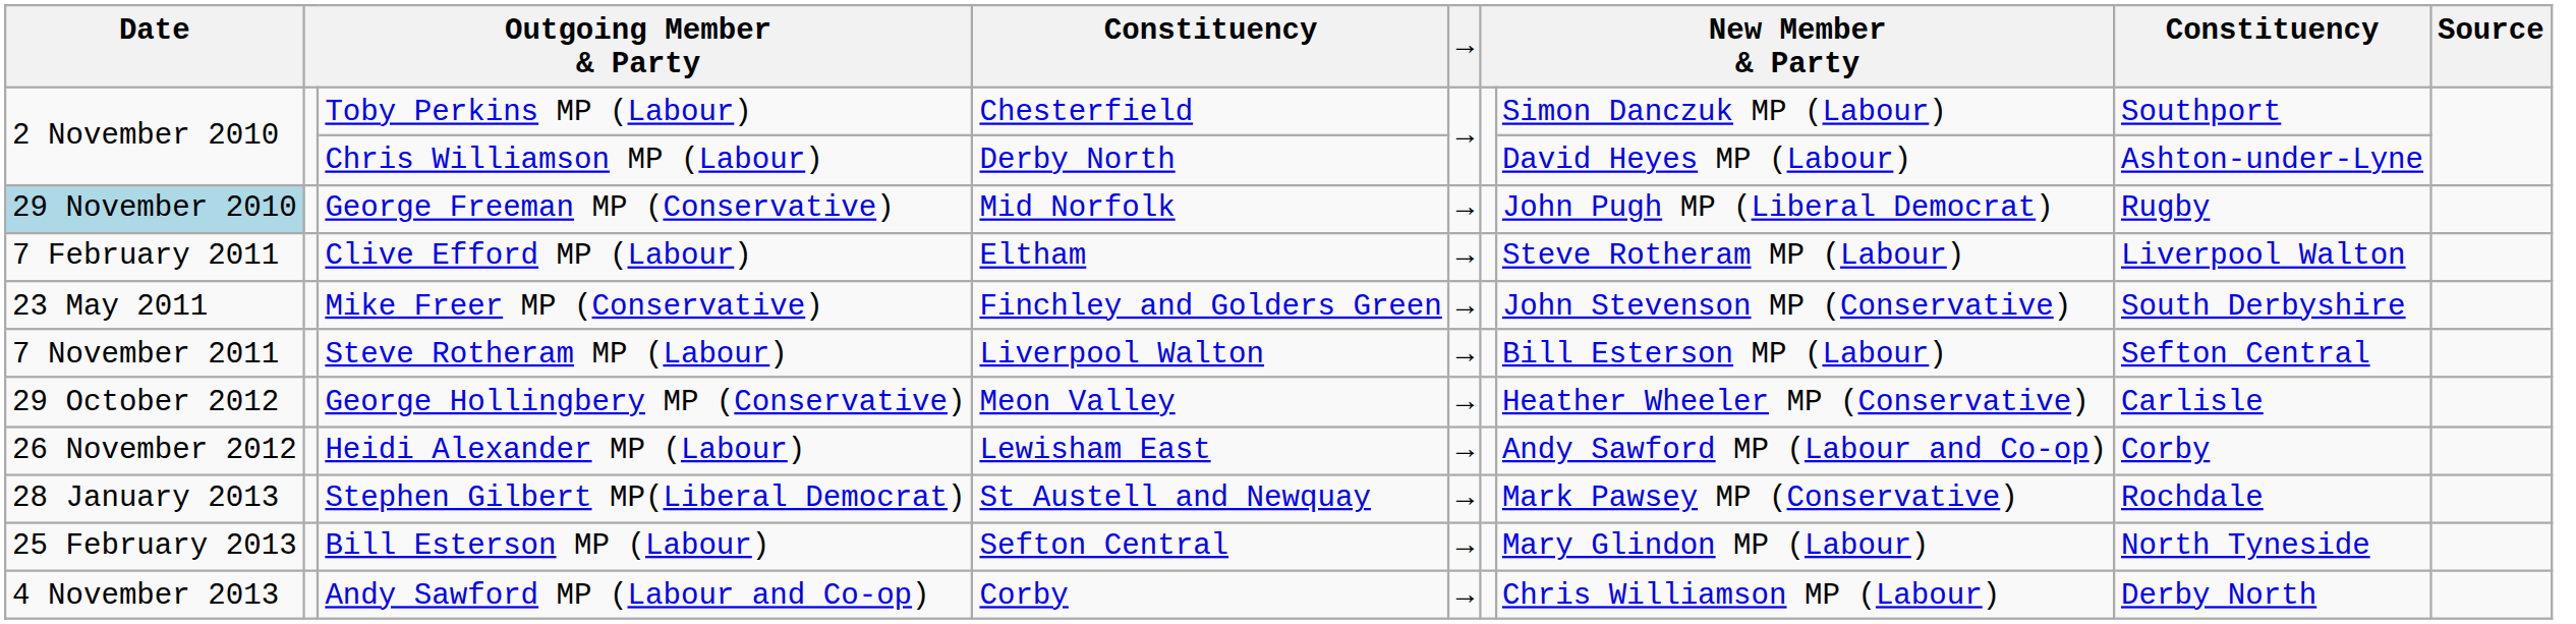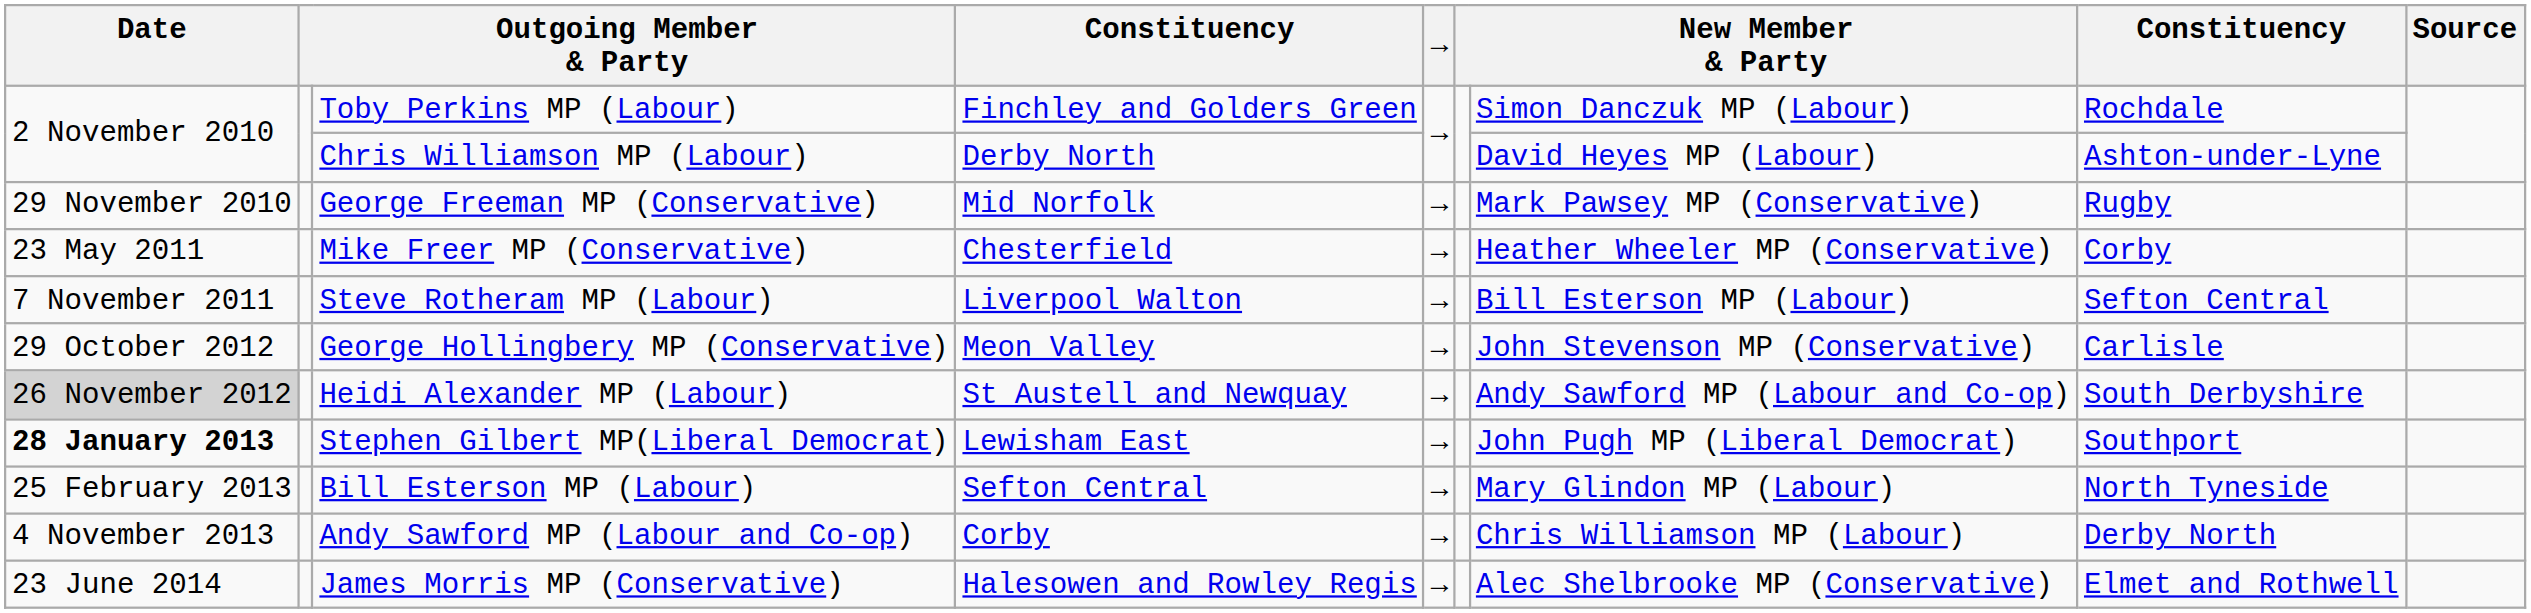 <table class="wikitable">
 <tr>
 <th valign="top">Date</th>
 <th colspan="2" valign="top">Outgoing Member<br>& Party</th>
 <th valign="top">Constituency</th>
 <th>→</th>
 <th colspan="2" valign="top">New Member<br>& Party</th>
 <th valign="top">Constituency</th>
 <th valign="top">Source</th>
 </tr>
 <tr>
 <td rowspan=2>2 November 2010</td>
 <td rowspan=2 style="color:inherit;background:"></td>
 <td><a href='#'>Toby Perkins</a> MP (<a href='#'>Labour</a>)</td>
-<td><a href='#'>Chesterfield</a></td>
+<td><a href='#'>Finchley and Golders Green</a></td>
 <td rowspan=2>→</td>
 <td rowspan=2 style="color:inherit;background:"></td>
 <td><a href='#'>Simon Danczuk</a> MP (<a href='#'>Labour</a>)</td>
-<td><a href='#'>Southport</a></td>
+<td><a href='#'>Rochdale</a></td>
 <td rowspan=2></td>
 </tr>
 <tr>
 <td><a href='#'>Chris Williamson</a> MP (<a href='#'>Labour</a>)</td>
 <td><a href='#'>Derby North</a></td>
 <td><a href='#'>David Heyes</a> MP (<a href='#'>Labour</a>)</td>
 <td><a href='#'>Ashton-under-Lyne</a></td>
 </tr>
 <tr>
-<td style="background: lightblue;">29 November 2010</td>
+<td>29 November 2010</td>
 <td style="color:inherit;background:"></td>
 <td><a href='#'>George Freeman</a> MP (<a href='#'>Conservative</a>)</td>
 <td><a href='#'>Mid Norfolk</a></td>
 <td>→</td>
 <td style="color:inherit;background:"></td>
-<td><a href='#'>John Pugh</a> MP (<a href='#'>Liberal Democrat</a>)</td>
+<td><a href='#'>Mark Pawsey</a> MP (<a href='#'>Conservative</a>)</td>
 <td><a href='#'>Rugby</a></td>
-<td></td>
-</tr>
-<tr>
-<td>7 February 2011</td>
-<td style="color:inherit;background:"></td>
-<td><a href='#'>Clive Efford</a> MP (<a href='#'>Labour</a>)</td>
-<td><a href='#'>Eltham</a></td>
-<td>→</td>
-<td style="color:inherit;background:"></td>
-<td><a href='#'>Steve Rotheram</a> MP (<a href='#'>Labour</a>)</td>
-<td><a href='#'>Liverpool Walton</a></td>
 <td></td>
 </tr>
 <tr>
 <td>23 May 2011</td>
 <td style="color:inherit;background:"></td>
 <td><a href='#'>Mike Freer</a> MP (<a href='#'>Conservative</a>)</td>
-<td><a href='#'>Finchley and Golders Green</a></td>
+<td><a href='#'>Chesterfield</a></td>
 <td>→</td>
 <td style="color:inherit;background:"></td>
-<td><a href='#'>John Stevenson</a> MP (<a href='#'>Conservative</a>)</td>
-<td><a href='#'>South Derbyshire</a></td>
+<td><a href='#'>Heather Wheeler</a> MP (<a href='#'>Conservative</a>)</td>
+<td><a href='#'>Corby</a></td>
 <td></td>
 </tr>
 <tr>
 <td>7 November 2011</td>
 <td style="color:inherit;background:"></td>
 <td><a href='#'>Steve Rotheram</a> MP (<a href='#'>Labour</a>)</td>
 <td><a href='#'>Liverpool Walton</a></td>
 <td>→</td>
 <td style="color:inherit;background:"></td>
 <td><a href='#'>Bill Esterson</a> MP (<a href='#'>Labour</a>)</td>
 <td><a href='#'>Sefton Central</a></td>
 <td></td>
 </tr>
 <tr>
 <td>29 October 2012</td>
 <td style="color:inherit;background:"></td>
 <td><a href='#'>George Hollingbery</a> MP (<a href='#'>Conservative</a>)</td>
 <td><a href='#'>Meon Valley</a></td>
 <td>→</td>
 <td style="color:inherit;background:"></td>
-<td><a href='#'>Heather Wheeler</a> MP (<a href='#'>Conservative</a>)</td>
+<td><a href='#'>John Stevenson</a> MP (<a href='#'>Conservative</a>)</td>
 <td><a href='#'>Carlisle</a></td>
 <td></td>
 </tr>
 <tr>
-<td>26 November 2012</td>
+<td style="background: lightgrey;">26 November 2012</td>
 <td style="color:inherit;background:"></td>
 <td><a href='#'>Heidi Alexander</a> MP (<a href='#'>Labour</a>)</td>
+<td><a href='#'>St Austell and Newquay</a></td>
+<td>→</td>
+<td style="color:inherit;background:"></td>
+<td><a href='#'>Andy Sawford</a> MP (<a href='#'>Labour and Co-op</a>)</td>
+<td><a href='#'>South Derbyshire</a></td>
+<td></td>
+</tr>
+<tr>
+<td><strong>28 January 2013</strong></td>
+<td style="color:inherit;background:"></td>
+<td><a href='#'>Stephen Gilbert</a> MP(<a href='#'>Liberal Democrat</a>)</td>
 <td><a href='#'>Lewisham East</a></td>
 <td>→</td>
 <td style="color:inherit;background:"></td>
-<td><a href='#'>Andy Sawford</a> MP (<a href='#'>Labour and Co-op</a>)</td>
-<td><a href='#'>Corby</a></td>
-<td></td>
-</tr>
-<tr>
-<td>28 January 2013</td>
-<td style="color:inherit;background:"></td>
-<td><a href='#'>Stephen Gilbert</a> MP(<a href='#'>Liberal Democrat</a>)</td>
-<td><a href='#'>St Austell and Newquay</a></td>
-<td>→</td>
-<td style="color:inherit;background:"></td>
-<td><a href='#'>Mark Pawsey</a> MP (<a href='#'>Conservative</a>)</td>
-<td><a href='#'>Rochdale</a></td>
+<td><a href='#'>John Pugh</a> MP (<a href='#'>Liberal Democrat</a>)</td>
+<td><a href='#'>Southport</a></td>
 <td></td>
 </tr>
 <tr>
 <td>25 February 2013</td>
 <td style="color:inherit;background:"></td>
 <td><a href='#'>Bill Esterson</a> MP (<a href='#'>Labour</a>)</td>
 <td><a href='#'>Sefton Central</a></td>
 <td>→</td>
 <td style="color:inherit;background:"></td>
 <td><a href='#'>Mary Glindon</a> MP (<a href='#'>Labour</a>)</td>
 <td><a href='#'>North Tyneside</a></td>
 <td></td>
 </tr>
 <tr>
 <td>4 November 2013</td>
 <td style="color:inherit;background:"></td>
 <td><a href='#'>Andy Sawford</a> MP (<a href='#'>Labour and Co-op</a>)</td>
 <td><a href='#'>Corby</a></td>
 <td>→</td>
 <td style="color:inherit;background:"></td>
 <td><a href='#'>Chris Williamson</a> MP (<a href='#'>Labour</a>)</td>
 <td><a href='#'>Derby North</a></td>
 <td></td>
 </tr>
+<tr>
+<td>23 June 2014</td>
+<td style="color:inherit;background:"></td>
+<td><a href='#'>James Morris</a> MP (<a href='#'>Conservative</a>)</td>
+<td><a href='#'>Halesowen and Rowley Regis</a></td>
+<td>→</td>
+<td style="color:inherit;background:"></td>
+<td><a href='#'>Alec Shelbrooke</a> MP (<a href='#'>Conservative</a>)</td>
+<td><a href='#'>Elmet and Rothwell</a></td>
+<td></td>
+</tr>
 </table>
